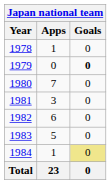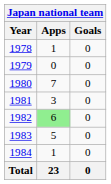 <table class="wikitable" style="text-align:center">
 <tr>
 <th colspan=3><a href='#'>Japan national team</a></th>
 </tr>
 <tr>
 <th>Year</th>
 <th>Apps</th>
 <th>Goals</th>
 </tr>
 <tr>
 <td><a href='#'>1978</a></td>
 <td>1</td>
 <td>0</td>
 </tr>
 <tr>
 <td><a href='#'>1979</a></td>
 <td>0</td>
-<td><strong>0</strong></td>
+<td>0</td>
 </tr>
 <tr>
 <td><a href='#'>1980</a></td>
 <td>7</td>
 <td>0</td>
 </tr>
 <tr>
 <td><a href='#'>1981</a></td>
 <td>3</td>
 <td>0</td>
 </tr>
 <tr>
 <td><a href='#'>1982</a></td>
-<td>6</td>
+<td style="background: lightgreen;">6</td>
 <td>0</td>
 </tr>
 <tr>
 <td><a href='#'>1983</a></td>
 <td>5</td>
 <td>0</td>
 </tr>
 <tr>
 <td><a href='#'>1984</a></td>
 <td>1</td>
-<td style="background: khaki;">0</td>
+<td>0</td>
 </tr>
 <tr>
 <th>Total</th>
 <th>23</th>
 <th>0</th>
 </tr>
 </table>
